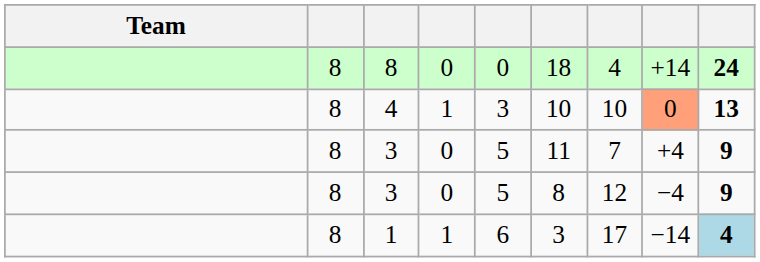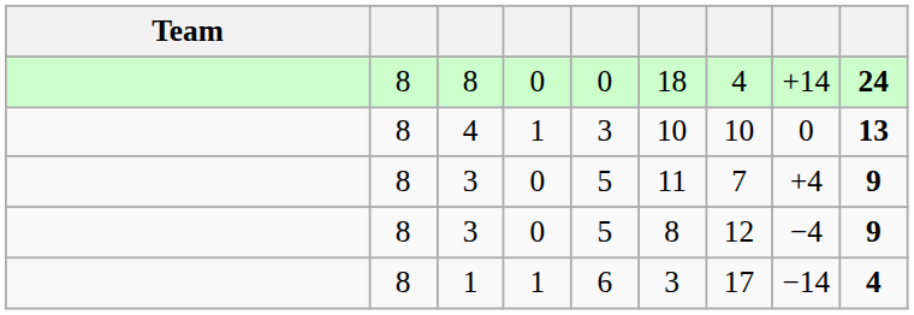 <table class="wikitable" style="text-align:center; font-size:90%">
 <tr>
 <th width=165>Team</th>
 <th width=25></th>
 <th width=25></th>
 <th width=25></th>
 <th width=25></th>
 <th width=25></th>
 <th width=25></th>
 <th width=25></th>
 <th width=25></th>
 </tr>
 <tr style="background:#cfc;">
 <td align=left></td>
 <td>8</td>
 <td>8</td>
 <td>0</td>
 <td>0</td>
 <td>18</td>
 <td>4</td>
 <td>+14</td>
 <td><strong>24</strong></td>
 </tr>
 <tr>
 <td align=left></td>
 <td>8</td>
 <td>4</td>
 <td>1</td>
 <td>3</td>
 <td>10</td>
 <td>10</td>
-<td style="background: lightsalmon;">0</td>
+<td>0</td>
 <td><strong>13</strong></td>
 </tr>
 <tr>
 <td align=left></td>
 <td>8</td>
 <td>3</td>
 <td>0</td>
 <td>5</td>
 <td>11</td>
 <td>7</td>
 <td>+4</td>
 <td><strong>9</strong></td>
 </tr>
 <tr>
 <td align=left></td>
 <td>8</td>
 <td>3</td>
 <td>0</td>
 <td>5</td>
 <td>8</td>
 <td>12</td>
 <td>−4</td>
 <td><strong>9</strong></td>
 </tr>
 <tr>
 <td align=left></td>
 <td>8</td>
 <td>1</td>
 <td>1</td>
 <td>6</td>
 <td>3</td>
 <td>17</td>
 <td>−14</td>
-<td style="background: lightblue;"><strong>4</strong></td>
+<td><strong>4</strong></td>
 </tr>
 </table>
